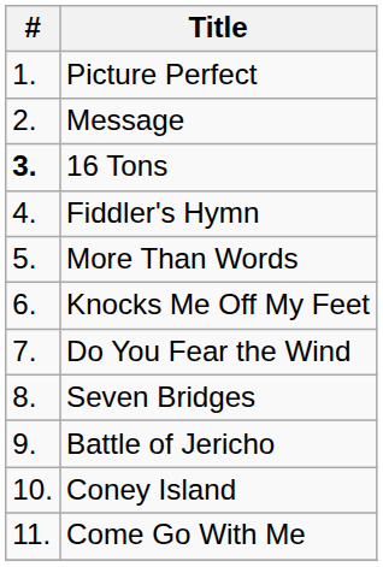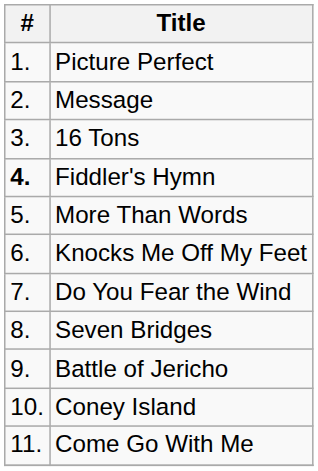 <table class="wikitable">
 <tr>
 <th>#</th>
 <th>Title</th>
 </tr>
 <tr>
 <td>1.</td>
 <td>Picture Perfect</td>
 </tr>
 <tr>
 <td>2.</td>
 <td>Message</td>
 </tr>
 <tr>
-<td><strong>3.</strong></td>
+<td>3.</td>
 <td>16 Tons</td>
 </tr>
 <tr>
-<td>4.</td>
+<td><strong>4.</strong></td>
 <td>Fiddler's Hymn</td>
 </tr>
 <tr>
 <td>5.</td>
 <td>More Than Words</td>
 </tr>
 <tr>
 <td>6.</td>
 <td>Knocks Me Off My Feet</td>
 </tr>
 <tr>
 <td>7.</td>
 <td>Do You Fear the Wind</td>
 </tr>
 <tr>
 <td>8.</td>
 <td>Seven Bridges</td>
 </tr>
 <tr>
 <td>9.</td>
 <td>Battle of Jericho</td>
 </tr>
 <tr>
 <td>10.</td>
 <td>Coney Island</td>
 </tr>
 <tr>
 <td>11.</td>
 <td>Come Go With Me</td>
 </tr>
 <tr>
 </tr>
 </table>
